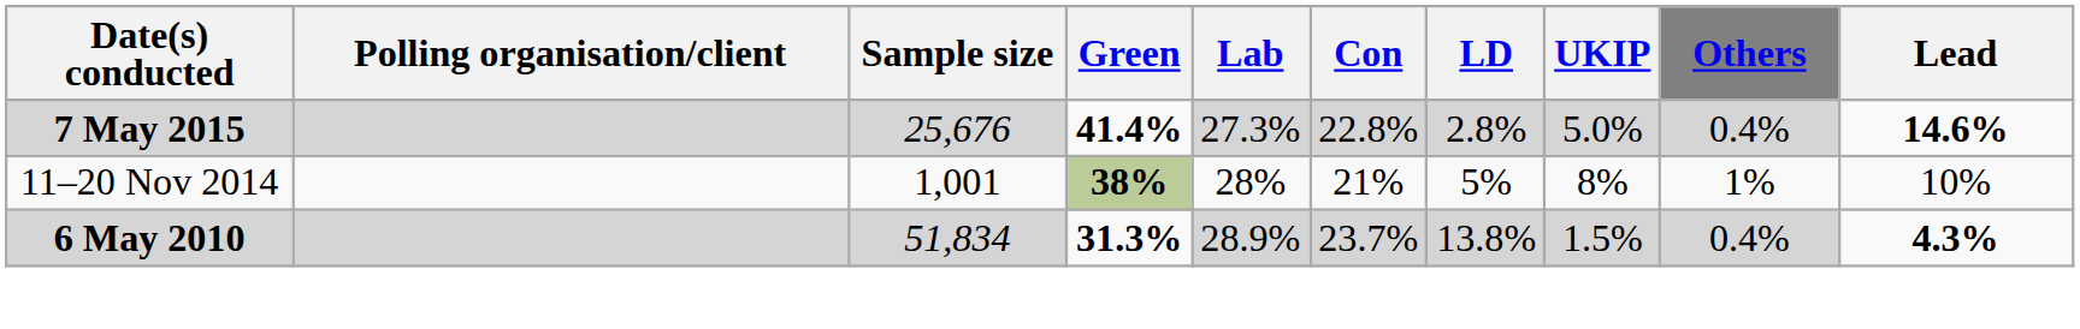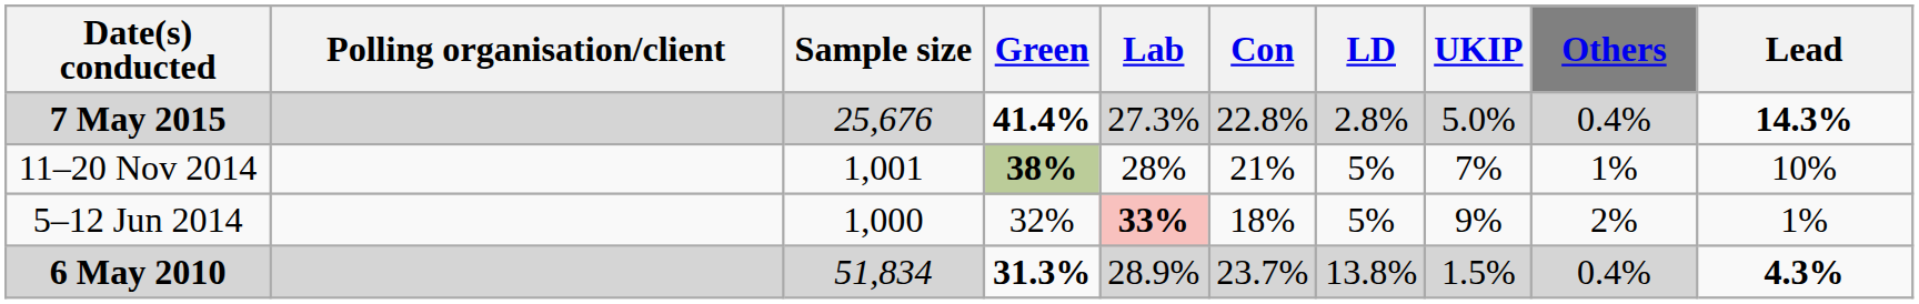 <table class="wikitable sortable" style="text-align:center;font-size:90%;line-height:14px">
 <tr>
 <th ! style="width:100px;">Date(s)<br>conducted</th>
 <th style="width:200px;">Polling organisation/client</th>
 <th class="unsortable" style="width:75px;">Sample size</th>
 <th class="unsortable" style="background:"><a href='#'><span>Green</span></a></th>
 <th class="unsortable" style="background:"><a href='#'><span>Lab</span></a></th>
 <th class="unsortable" style="background:"><a href='#'><span>Con</span></a></th>
 <th class="unsortable" style="background:"><a href='#'><span>LD</span></a></th>
 <th class="unsortable" style="background:"><a href='#'><span>UKIP</span></a></th>
 <th class="unsortable" style="background:gray; width:60px;"><a href='#'><span>Others</span></a></th>
 <th class="unsortable" style="width:80px;">Lead</th>
 </tr>
 <tr>
 <td style="background:#D5D5D5"><strong>7 May 2015</strong></td>
 <td style="background:#D5D5D5"></td>
 <td style="background:#D5D5D5"><em>25,676</em></td>
 <td style="background:"><strong>41.4%</strong></td>
 <td style="background:#D5D5D5">27.3%</td>
 <td style="background:#D5D5D5">22.8%</td>
 <td style="background:#D5D5D5">2.8%</td>
 <td style="background:#D5D5D5">5.0%</td>
 <td style="background:#D5D5D5">0.4%</td>
-<td style="background:"><strong>14.6% </strong></td>
+<td style="background:"><strong>14.3% </strong></td>
 </tr>
 <tr>
 <td>11–20 Nov 2014</td>
 <td> </td>
 <td>1,001</td>
 <td style="background:#BBCC99;"><strong>38%</strong></td>
 <td>28%</td>
 <td>21%</td>
 <td>5%</td>
-<td>8%</td>
+<td>7%</td>
 <td>1%</td>
 <td style="background:">10%</td>
+</tr>
+<tr>
+<td>5–12 Jun 2014</td>
+<td> </td>
+<td>1,000</td>
+<td>32%</td>
+<td style="background:#F8C1BE"><strong>33%</strong></td>
+<td>18%</td>
+<td>5%</td>
+<td>9%</td>
+<td>2%</td>
+<td style="background:">1%</td>
 </tr>
 <tr>
 <td style="background:#D5D5D5"><strong>6 May 2010</strong></td>
 <td style="background:#D5D5D5"></td>
 <td style="background:#D5D5D5"><em>51,834</em></td>
 <td style="background:"><strong>31.3%</strong></td>
 <td style="background:#D5D5D5">28.9%</td>
 <td style="background:#D5D5D5">23.7%</td>
 <td style="background:#D5D5D5">13.8%</td>
 <td style="background:#D5D5D5">1.5%</td>
 <td style="background:#D5D5D5">0.4%</td>
 <td style="background:"><strong>4.3% </strong></td>
 </tr>
 </table>
